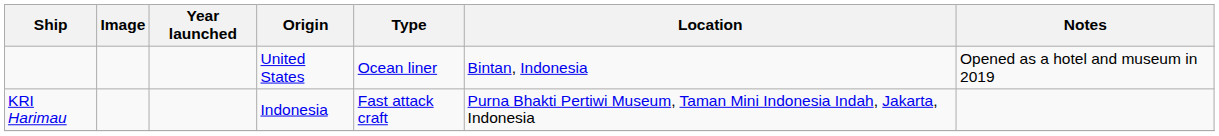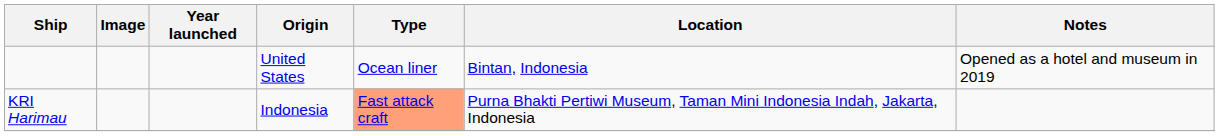 <table class="wikitable sortable">
 <tr>
 <th>Ship</th>
 <th>Image</th>
 <th>Year launched</th>
 <th>Origin</th>
 <th>Type</th>
 <th>Location</th>
 <th>Notes</th>
 </tr>
 <tr>
 <td data-sort-value="Doulos" Phos></td>
 <td></td>
 <td></td>
 <td> <a href='#'>United States</a></td>
 <td><a href='#'>Ocean liner</a></td>
 <td><a href='#'>Bintan</a>, <a href='#'>Indonesia</a><br></td>
 <td>Opened as a hotel and museum in 2019</td>
 </tr>
 <tr>
 <td data-sort-value=Harimau><a href='#'>KRI <em>Harimau</em></a></td>
 <td></td>
 <td></td>
 <td> <a href='#'>Indonesia</a></td>
-<td><a href='#'>Fast attack craft</a></td>
+<td style="background: lightsalmon;"><a href='#'>Fast attack craft</a></td>
 <td><a href='#'>Purna Bhakti Pertiwi Museum</a>, <a href='#'>Taman Mini Indonesia Indah</a>, <a href='#'>Jakarta</a>, Indonesia</td>
 <td></td>
 </tr>
 <tr>
 </tr>
 </table>
